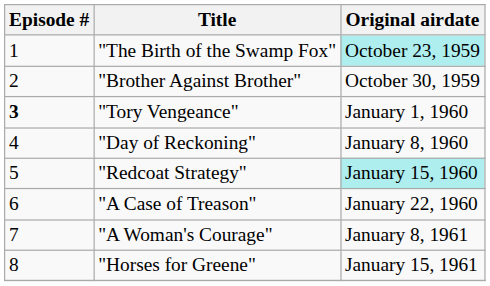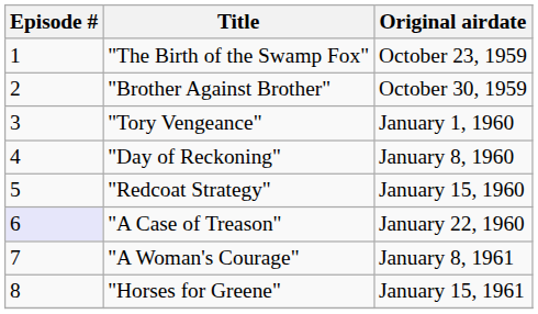 <table class="wikitable">
 <tr>
 <th>Episode #</th>
 <th>Title</th>
 <th>Original airdate</th>
 </tr>
 <tr>
 <td>1</td>
 <td>"The Birth of the Swamp Fox"</td>
-<td style="background: paleturquoise;">October 23, 1959</td>
+<td>October 23, 1959</td>
 </tr>
 <tr>
 <td>2</td>
 <td>"Brother Against Brother"</td>
 <td>October 30, 1959</td>
 </tr>
 <tr>
-<td><strong>3</strong></td>
+<td>3</td>
 <td>"Tory Vengeance"</td>
 <td>January 1, 1960</td>
 </tr>
 <tr>
 <td>4</td>
 <td>"Day of Reckoning"</td>
 <td>January 8, 1960</td>
 </tr>
 <tr>
 <td>5</td>
 <td>"Redcoat Strategy"</td>
-<td style="background: paleturquoise;">January 15, 1960</td>
+<td>January 15, 1960</td>
 </tr>
 <tr>
-<td>6</td>
+<td style="background: lavender;">6</td>
 <td>"A Case of Treason"</td>
 <td>January 22, 1960</td>
 </tr>
 <tr>
 <td>7</td>
 <td>"A Woman's Courage"</td>
 <td>January 8, 1961</td>
 </tr>
 <tr>
 <td>8</td>
 <td>"Horses for Greene"</td>
 <td>January 15, 1961</td>
 </tr>
 <tr>
 </tr>
 </table>
